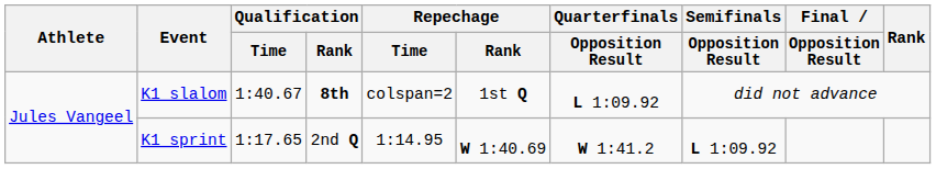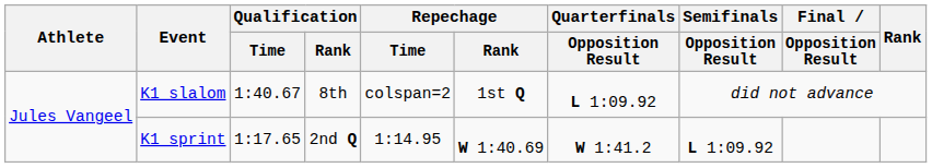 <table class="wikitable" style="font-size:90%;">
 <tr>
 <th rowspan=2>Athlete</th>
 <th rowspan=2>Event</th>
 <th colspan=2>Qualification</th>
 <th colspan=2>Repechage</th>
 <th>Quarterfinals</th>
 <th>Semifinals</th>
 <th>Final / </th>
 <th rowspan=2>Rank</th>
 </tr>
 <tr style="font-size:95%">
 <th>Time</th>
 <th>Rank</th>
 <th>Time</th>
 <th>Rank</th>
 <th>Opposition<br>Result</th>
 <th>Opposition<br>Result</th>
 <th>Opposition<br>Result</th>
 </tr>
 <tr align=center>
 <td rowspan=2 align=left><a href='#'>Jules Vangeel</a></td>
 <td align=left><a href='#'>K1 slalom</a></td>
 <td>1:40.67</td>
-<td><strong>8th</strong></td>
+<td>8th</td>
 <td>colspan=2 </td>
 <td>1st <strong>Q</strong></td>
 <td><br> <strong>L</strong> 1:09.92</td>
 <td colspan=3><em>did not advance</em></td>
 </tr>
 <tr align=center>
 <td align=left><a href='#'>K1 sprint</a></td>
 <td>1:17.65</td>
 <td>2nd <strong>Q</strong></td>
 <td>1:14.95</td>
 <td><br> <strong>W</strong> 1:40.69</td>
 <td><br> <strong>W</strong> 1:41.2</td>
 <td><br> <strong>L</strong> 1:09.92</td>
 <td></td>
 </tr>
 </table>
